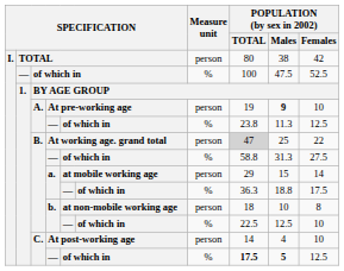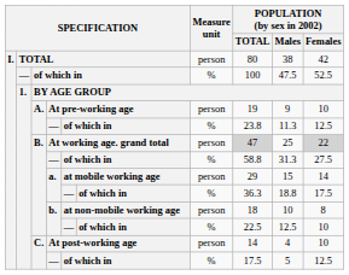 <table class="wikitable" style="font-size:85%; text-align:center">
 <tr>
 <th rowspan="2" colspan="6">SPECIFICATION</th>
 <th rowspan="2">Measure<br> unit</th>
 <th colspan="3" rowspan="1">POPULATION<br> (by sex in 2002)</th>
 </tr>
 <tr>
 <th>TOTAL</th>
 <th>Males</th>
 <th>Females</th>
 </tr>
 <tr>
 <th style="text-align:left" valign="top" rowspan="13">I.</th>
 <th style="text-align:left" colspan="5">TOTAL</th>
 <td>person</td>
 <td>80</td>
 <td>38</td>
 <td>42</td>
 </tr>
 <tr>
 <th style="text-align:left" valign="top">—</th>
 <th style="text-align:left" colspan="4">of which in</th>
 <td>%</td>
 <td>100</td>
 <td>47.5</td>
 <td>52.5</td>
 </tr>
 <tr>
 <th style="text-align:left" valign="top" rowspan="11">1.</th>
 <th style="text-align:left" colspan="19">BY AGE GROUP</th>
 </tr>
 <tr>
 <th style="text-align:left" valign="top" rowspan="2">A.</th>
 <th style="text-align:left" colspan="3">At pre-working age</th>
 <td>person</td>
 <td>19</td>
-<td><strong>9</strong></td>
+<td>9</td>
 <td>10</td>
 </tr>
 <tr>
 <th style="text-align:left" valign="top">—</th>
 <th style="text-align:left" valign="top" colspan="2">of which in</th>
 <td>%</td>
 <td>23.8</td>
 <td>11.3</td>
 <td>12.5</td>
 </tr>
 <tr>
 <th style="text-align:left" valign="top" rowspan="6">B.</th>
 <th style="text-align:left" colspan="3">At working age. grand total</th>
 <td>person</td>
 <td style="background: lightgrey;">47</td>
 <td>25</td>
-<td>22</td>
+<td style="background: lightgrey;">22</td>
 </tr>
 <tr>
 <th style="text-align:left" valign="top">—</th>
 <th style="text-align:left" valign="top" colspan="2">of which in</th>
 <td>%</td>
 <td>58.8</td>
 <td>31.3</td>
 <td>27.5</td>
 </tr>
 <tr>
 <th style="text-align:left" valign="top" rowspan="2">a.</th>
 <th style="text-align:left" colspan="2">at mobile working age</th>
 <td>person</td>
 <td>29</td>
 <td>15</td>
 <td>14</td>
 </tr>
 <tr>
 <th style="text-align:left" valign="top">—</th>
 <th style="text-align:left" valign="top" colspan="1">of which in                        </th>
 <td>%</td>
 <td>36.3</td>
 <td>18.8</td>
 <td>17.5</td>
 </tr>
 <tr>
 <th style="text-align:left" valign="top" rowspan="2">b.</th>
 <th style="text-align:left" colspan="2">at non-mobile working age</th>
 <td>person</td>
 <td>18</td>
 <td>10</td>
 <td>8</td>
 </tr>
 <tr>
 <th style="text-align:left" valign="top">—</th>
 <th style="text-align:left" valign="top" colspan="1">of which in                        </th>
 <td>%</td>
 <td>22.5</td>
 <td>12.5</td>
 <td>10</td>
 </tr>
 <tr>
 <th style="text-align:left" valign="top" rowspan="2">C.</th>
 <th style="text-align:left" colspan="3">At post-working age</th>
 <td>person</td>
 <td>14</td>
 <td>4</td>
 <td>10</td>
 </tr>
 <tr>
 <th style="text-align:left" valign="top">—</th>
 <th style="text-align:left" valign="top" colspan="2">of which in</th>
 <td>%</td>
-<td><strong>17.5</strong></td>
-<td><strong>5</strong></td>
+<td>17.5</td>
+<td>5</td>
 <td>12.5</td>
 </tr>
 </table>
